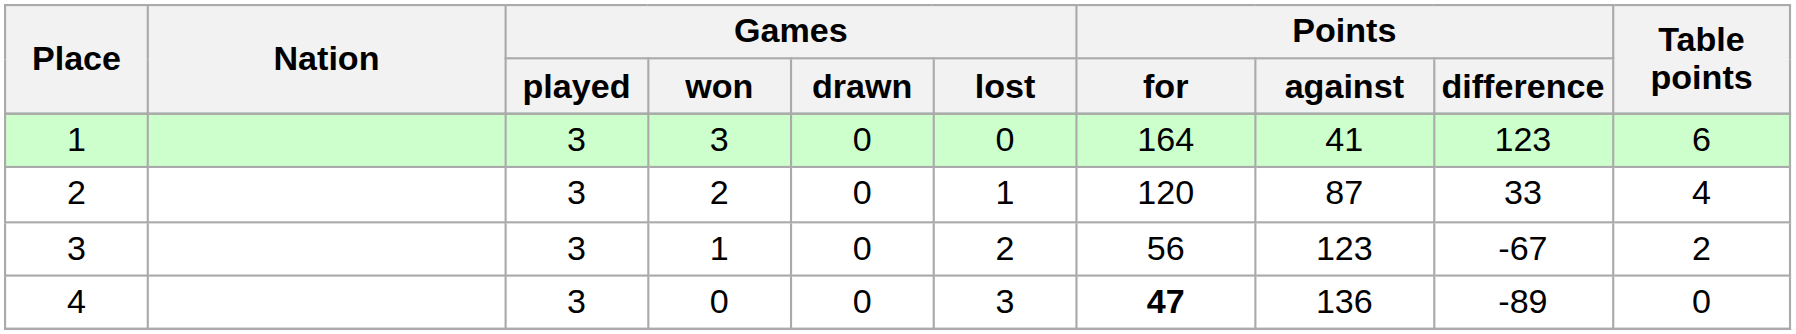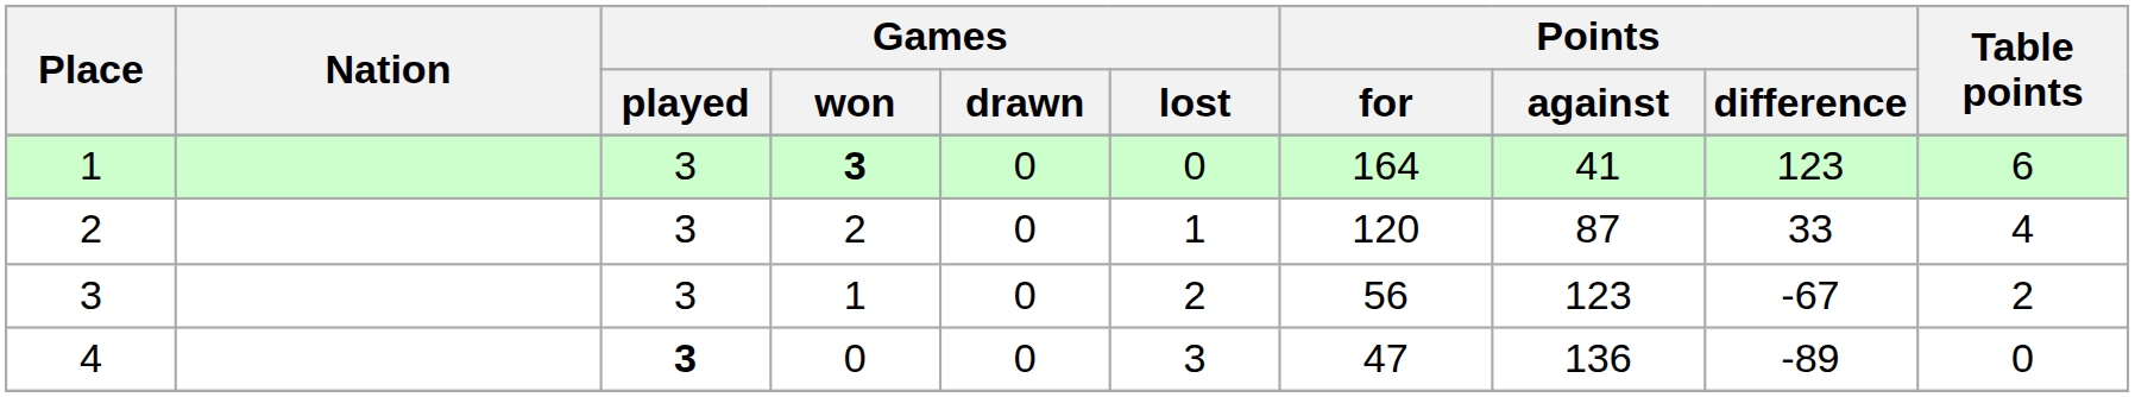 <table class="wikitable">
 <tr>
 <th rowspan=2 width="8%">Place</th>
 <th rowspan=2 width="20%">Nation</th>
 <th colspan=4 width="32%">Games</th>
 <th colspan=3 width="30%">Points</th>
 <th rowspan=2 width="10%">Table<br>points</th>
 </tr>
 <tr>
 <th width="8%">played</th>
 <th width="8%">won</th>
 <th width="8%">drawn</th>
 <th width="8%">lost</th>
 <th width="10%">for</th>
 <th width="10%">against</th>
 <th width="10%">difference</th>
 </tr>
 <tr>
 </tr>
 <tr bgcolor=#ccffcc align=center>
 <td>1</td>
 <td align=left><strong></strong></td>
 <td>3</td>
-<td>3</td>
+<td><strong>3</strong></td>
 <td>0</td>
 <td>0</td>
 <td>164</td>
 <td>41</td>
 <td>123</td>
 <td>6</td>
 </tr>
 <tr bgcolor=#ffffff align=center>
 <td>2</td>
 <td align=left></td>
 <td>3</td>
 <td>2</td>
 <td>0</td>
 <td>1</td>
 <td>120</td>
 <td>87</td>
 <td>33</td>
 <td>4</td>
 </tr>
 <tr bgcolor=#ffffff align=center>
 <td>3</td>
 <td align=left></td>
 <td>3</td>
 <td>1</td>
 <td>0</td>
 <td>2</td>
 <td>56</td>
 <td>123</td>
 <td>-67</td>
 <td>2</td>
 </tr>
 <tr bgcolor=#ffffff align=center>
 <td>4</td>
 <td align=left></td>
-<td>3</td>
+<td><strong>3</strong></td>
 <td>0</td>
 <td>0</td>
 <td>3</td>
-<td><strong>47</strong></td>
+<td>47</td>
 <td>136</td>
 <td>-89</td>
 <td>0</td>
 </tr>
 <tr bgcolor=#ffcccc align=center>
 </tr>
 </table>
